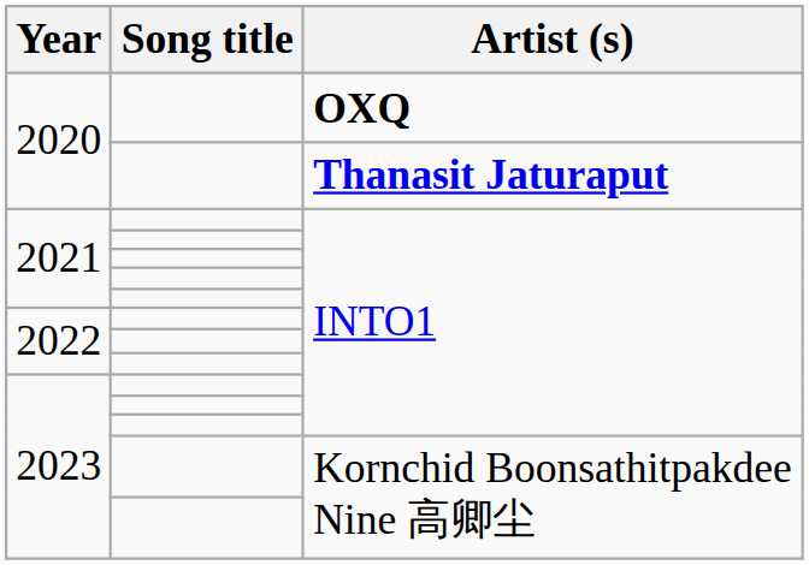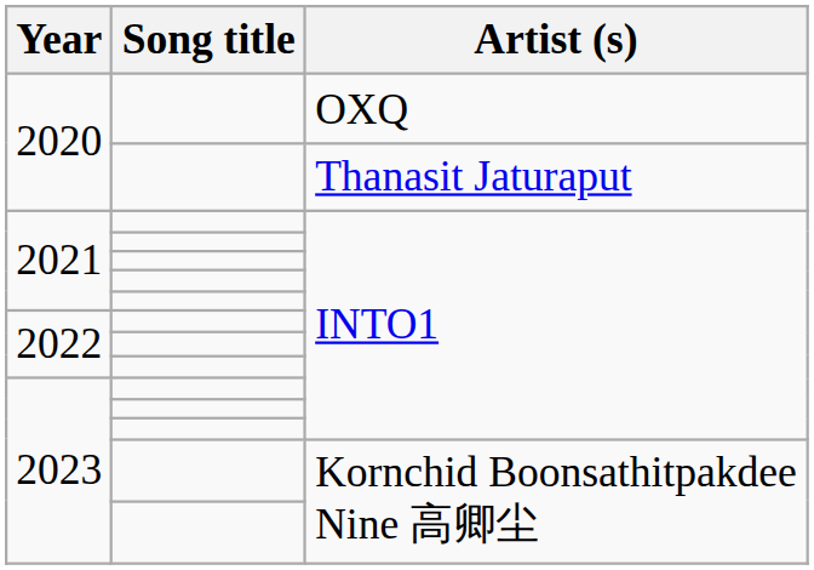 <table class="wikitable">
 <tr>
 <th>Year</th>
 <th>Song title</th>
 <th>Artist (s)</th>
 </tr>
 <tr>
 <td rowspan="2">2020</td>
 <td></td>
-<td><strong>OXQ</strong></td>
+<td>OXQ</td>
 </tr>
 <tr>
 <td></td>
-<td><strong><a href='#'>Thanasit Jaturaput</a></strong></td>
+<td><a href='#'>Thanasit Jaturaput</a></td>
 </tr>
 <tr>
 <td rowspan="5">2021</td>
 <td></td>
 <td rowspan="11"><a href='#'>INTO1</a></td>
 </tr>
 <tr>
 <td></td>
 </tr>
 <tr>
 <td></td>
 </tr>
 <tr>
 <td></td>
 </tr>
 <tr>
 <td></td>
 </tr>
 <tr>
 <td rowspan="3">2022</td>
 <td></td>
 </tr>
 <tr>
 <td></td>
 </tr>
 <tr>
 <td></td>
 </tr>
 <tr>
 <td rowspan="5">2023</td>
 <td></td>
 </tr>
 <tr>
 <td></td>
 </tr>
 <tr>
 <td></td>
 </tr>
 <tr>
 <td></td>
 <td rowspan="2">Kornchid Boonsathitpakdee<br>Nine 高卿尘</td>
 </tr>
 <tr>
 <td></td>
 </tr>
 </table>
